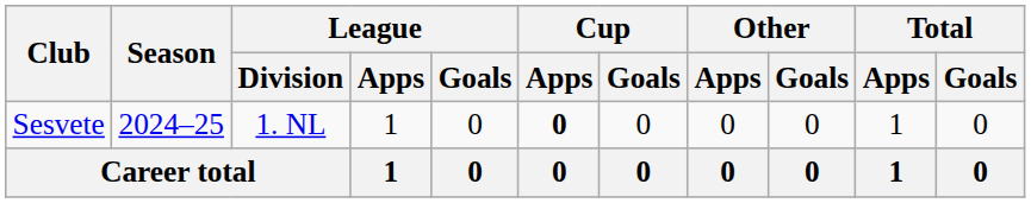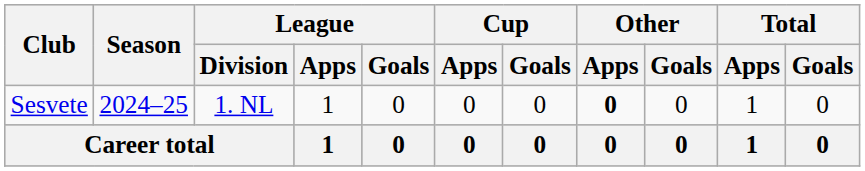 <table class=wikitable style=text-align:center>
 <tr>
 <th rowspan="2">Club</th>
 <th rowspan="2">Season</th>
 <th colspan="3">League</th>
 <th colspan="2">Cup</th>
 <th colspan="2">Other</th>
 <th colspan="2">Total</th>
 </tr>
 <tr>
 <th>Division</th>
 <th>Apps</th>
 <th>Goals</th>
 <th>Apps</th>
 <th>Goals</th>
 <th>Apps</th>
 <th>Goals</th>
 <th>Apps</th>
 <th>Goals</th>
 </tr>
 <tr>
 <td><a href='#'>Sesvete</a></td>
 <td><a href='#'>2024–25</a></td>
 <td><a href='#'>1. NL</a></td>
 <td>1</td>
 <td>0</td>
-<td><strong>0</strong></td>
 <td>0</td>
 <td>0</td>
+<td><strong>0</strong></td>
 <td>0</td>
 <td>1</td>
 <td>0</td>
 </tr>
 <tr>
 <th colspan="3">Career total</th>
 <th>1</th>
 <th>0</th>
 <th>0</th>
 <th>0</th>
 <th>0</th>
 <th>0</th>
 <th>1</th>
 <th>0</th>
 </tr>
 </table>
